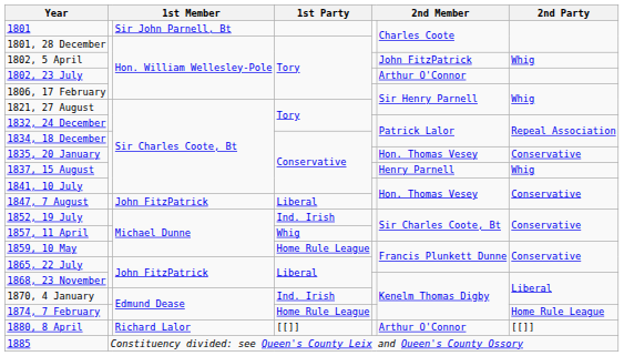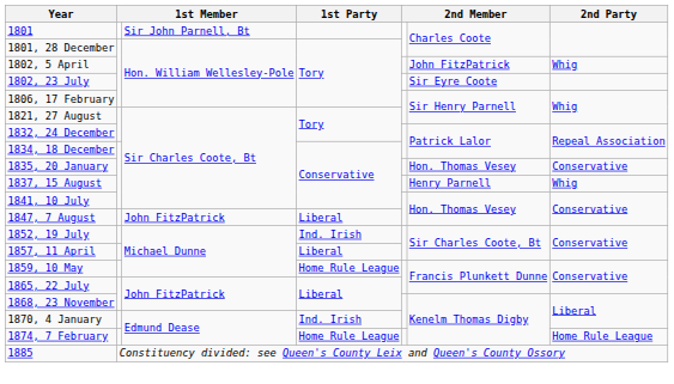 <table class="wikitable">
 <tr>
 <th>Year</th>
 <th colspan="2">1st Member</th>
 <th>1st Party</th>
 <th colspan="2">2nd Member</th>
 <th>2nd Party</th>
 </tr>
 <tr>
 <td><a href='#'>1801</a></td>
 <td style="color:inherit;background-color: white"></td>
 <td><a href='#'>Sir John Parnell, Bt</a>	</td>
 <td></td>
 <td rowspan="2" style="color:inherit;background-color: white"></td>
 <td rowspan="2"><a href='#'>Charles Coote</a>	</td>
 <td rowspan="2"></td>
 </tr>
 <tr>
 <td>1801, 28 December</td>
 <td rowspan="4" style="color:inherit;background-color: "></td>
 <td rowspan="4"><a href='#'>Hon. William Wellesley-Pole</a> 	</td>
 <td rowspan="4"><a href='#'>Tory</a></td>
 </tr>
 <tr>
 <td>1802, 5 April</td>
 <td style="color:inherit;background-color: "></td>
 <td><a href='#'>John FitzPatrick</a>	</td>
 <td><a href='#'>Whig</a></td>
 </tr>
 <tr>
 <td><a href='#'>1802, 23 July</a></td>
 <td style="color:inherit;background-color: white"></td>
-<td><a href='#'>Arthur O'Connor</a>	</td>
+<td><a href='#'>Sir Eyre Coote</a>	</td>
 <td></td>
 </tr>
 <tr>
 <td>1806, 17 February</td>
 <td rowspan="2" style="color:inherit;background-color: "></td>
 <td rowspan="2"><a href='#'>Sir Henry Parnell</a>	</td>
 <td rowspan="2"><a href='#'>Whig</a></td>
 </tr>
 <tr>
 <td>1821, 27 August</td>
 <td rowspan="2" style="color:inherit;background-color: "></td>
 <td rowspan="6"><a href='#'>Sir Charles Coote, Bt</a>   	</td>
 <td rowspan="2"><a href='#'>Tory</a></td>
 </tr>
 <tr>
 <td><a href='#'>1832, 24 December</a></td>
 <td rowspan="2" style="color:inherit;background-color: "></td>
 <td rowspan="2"><a href='#'>Patrick Lalor</a>	</td>
 <td rowspan="2"><a href='#'>Repeal Association</a></td>
 </tr>
 <tr>
 <td><a href='#'>1834, 18 December</a></td>
 <td rowspan="4" style="color:inherit;background-color: "></td>
 <td rowspan="4"><a href='#'>Conservative</a></td>
 </tr>
 <tr>
 <td><a href='#'>1835, 20 January</a></td>
 <td style="color:inherit;background-color: "></td>
 <td><a href='#'>Hon. Thomas Vesey</a>	</td>
 <td><a href='#'>Conservative</a></td>
 </tr>
 <tr>
 <td><a href='#'>1837, 15 August</a></td>
 <td style="color:inherit;background-color: "></td>
 <td><a href='#'>Henry Parnell</a>	</td>
 <td><a href='#'>Whig</a></td>
 </tr>
 <tr>
 <td><a href='#'>1841, 10 July</a></td>
 <td rowspan="2" style="color:inherit;background-color: "></td>
 <td rowspan="2"><a href='#'>Hon. Thomas Vesey</a>   	</td>
 <td rowspan="2"><a href='#'>Conservative</a></td>
 </tr>
 <tr>
 <td><a href='#'>1847, 7 August</a></td>
 <td style="color:inherit;background-color: "></td>
 <td><a href='#'>John FitzPatrick</a>	</td>
 <td><a href='#'>Liberal</a></td>
 </tr>
 <tr>
 <td><a href='#'>1852, 19 July</a></td>
 <td rowspan="1" style="color:inherit;background-color: "></td>
 <td rowspan="3"><a href='#'>Michael Dunne</a>   	</td>
 <td rowspan="1"><a href='#'>Ind. Irish</a></td>
 <td rowspan="2" style="color:inherit;background-color: "></td>
 <td rowspan="2"><a href='#'>Sir Charles Coote, Bt</a>	</td>
 <td rowspan="2"><a href='#'>Conservative</a></td>
 </tr>
 <tr>
 <td><a href='#'>1857, 11 April</a></td>
 <td style="color:inherit;background-color: "></td>
-<td><a href='#'>Whig</a></td>
+<td><a href='#'>Liberal</a></td>
 </tr>
 <tr>
 <td><a href='#'>1859, 10 May</a></td>
 <td style="color:inherit;background-color: "></td>
 <td><a href='#'>Home Rule League</a></td>
 <td rowspan="2" style="color:inherit;background-color: "></td>
 <td rowspan="2"><a href='#'>Francis Plunkett Dunne</a>  	</td>
 <td rowspan="2"><a href='#'>Conservative</a></td>
 </tr>
 <tr>
 <td><a href='#'>1865, 22 July</a></td>
 <td rowspan="2" style="color:inherit;background-color: "></td>
 <td rowspan="2"><a href='#'>John FitzPatrick</a>  	</td>
 <td rowspan="2"><a href='#'>Liberal</a></td>
 </tr>
 <tr>
 <td><a href='#'>1868, 23 November</a></td>
 <td rowspan="2" style="color:inherit;background-color: "></td>
 <td rowspan="3"><a href='#'>Kenelm Thomas Digby</a></td>
 <td rowspan="2"><a href='#'>Liberal</a></td>
 </tr>
 <tr>
 <td>1870, 4 January</td>
 <td style="color:inherit;background-color: "></td>
 <td rowspan=2><a href='#'>Edmund Dease</a> </td>
 <td rowspan="1"><a href='#'>Ind. Irish</a></td>
 </tr>
 <tr>
 <td><a href='#'>1874, 7 February</a></td>
 <td style="color:inherit;background-color: "></td>
 <td><a href='#'>Home Rule League</a></td>
 <td style="color:inherit;background-color: "></td>
 <td><a href='#'>Home Rule League</a></td>
 </tr>
 <tr>
-<td><a href='#'>1880, 8 April</a></td>
-<td style="color:inherit;background-color: "></td>
-<td><a href='#'>Richard Lalor</a>	</td>
-<td>[[]]</td>
-<td style="color:inherit;background-color: "></td>
-<td><a href='#'>Arthur O'Connor</a>	</td>
-<td>[[]]</td>
-</tr>
-<tr>
 <td><a href='#'>1885</a></td>
 <td colspan="6"><em>Constituency divided: see <a href='#'>Queen's County Leix</a> and <a href='#'>Queen's County Ossory</a></em></td>
 </tr>
 </table>
